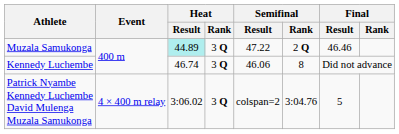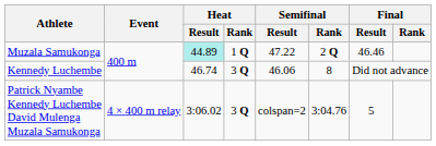 <table class="wikitable" style="font-size:90%; text-align:center">
 <tr>
 <th rowspan=2>Athlete</th>
 <th rowspan=2>Event</th>
 <th colspan=2>Heat</th>
 <th colspan=2>Semifinal</th>
 <th colspan=2>Final</th>
 </tr>
 <tr style="font-size:95%">
 <th>Result</th>
 <th>Rank</th>
 <th>Result</th>
 <th>Rank</th>
 <th>Result</th>
 <th>Rank</th>
 </tr>
 <tr>
 <td align=left><a href='#'>Muzala Samukonga</a></td>
 <td rowspan="2" align="left"><a href='#'>400 m</a></td>
 <td style="background: paleturquoise;">44.89</td>
-<td>3 <strong>Q</strong></td>
+<td>1 <strong>Q</strong></td>
 <td>47.22</td>
 <td>2 <strong>Q</strong></td>
 <td>46.46</td>
 <td></td>
 </tr>
 <tr>
 <td align=left><a href='#'>Kennedy Luchembe</a></td>
 <td>46.74</td>
 <td>3 <strong>Q</strong></td>
 <td>46.06</td>
 <td>8</td>
 <td colspan="2">Did not advance</td>
 </tr>
 <tr>
 <td align="left"><a href='#'>Patrick Nyambe</a><br><a href='#'>Kennedy Luchembe</a><br><a href='#'>David Mulenga</a><br><a href='#'>Muzala Samukonga</a></td>
 <td align="left"><a href='#'>4 × 400 m relay</a></td>
 <td>3:06.02</td>
 <td>3 <strong>Q</strong></td>
 <td>colspan=2 </td>
 <td>3:04.76</td>
 <td>5</td>
 </tr>
 </table>
